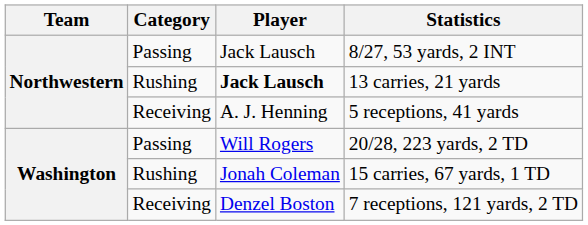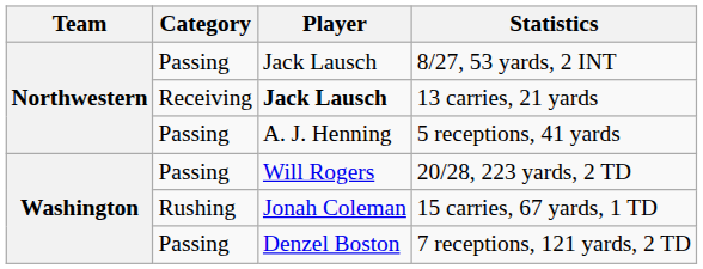 <table class="wikitable" style="float:right">
 <tr>
 <th>Team</th>
 <th>Category</th>
 <th>Player</th>
 <th>Statistics</th>
 </tr>
 <tr>
 <th rowspan=3>Northwestern</th>
 <td>Passing</td>
 <td>Jack Lausch</td>
 <td>8/27, 53 yards, 2 INT</td>
 </tr>
 <tr>
-<td>Rushing</td>
+<td>Receiving</td>
 <td><strong>Jack Lausch</strong></td>
 <td>13 carries, 21 yards</td>
 </tr>
 <tr>
-<td>Receiving</td>
+<td>Passing</td>
 <td>A. J. Henning</td>
 <td>5 receptions, 41 yards</td>
 </tr>
 <tr>
 <th rowspan=3>Washington</th>
 <td>Passing</td>
 <td><a href='#'>Will Rogers</a></td>
 <td>20/28, 223 yards, 2 TD</td>
 </tr>
 <tr>
 <td>Rushing</td>
 <td><a href='#'>Jonah Coleman</a></td>
 <td>15 carries, 67 yards, 1 TD</td>
 </tr>
 <tr>
-<td>Receiving</td>
+<td>Passing</td>
 <td><a href='#'>Denzel Boston</a></td>
 <td>7 receptions, 121 yards, 2 TD</td>
 </tr>
 </table>
